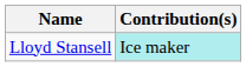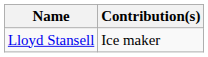 <table class="wikitable">
 <tr>
 <th><strong>Name</strong></th>
 <th><strong>Contribution(s)</strong></th>
 </tr>
 <tr>
 <td><a href='#'>Lloyd Stansell</a></td>
-<td style="background: paleturquoise;">Ice maker</td>
+<td>Ice maker</td>
 </tr>
 </table>
